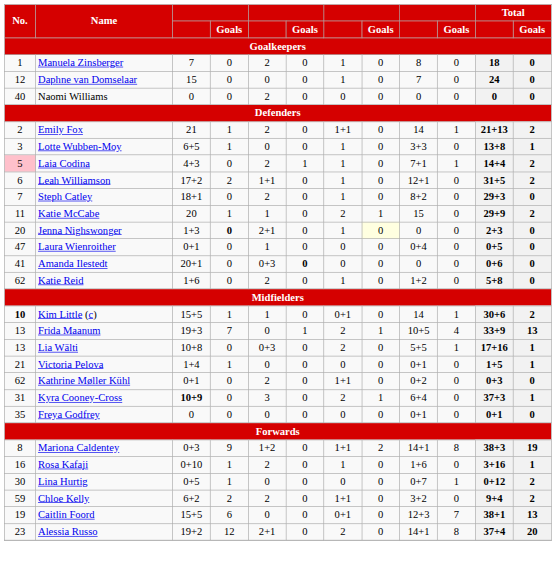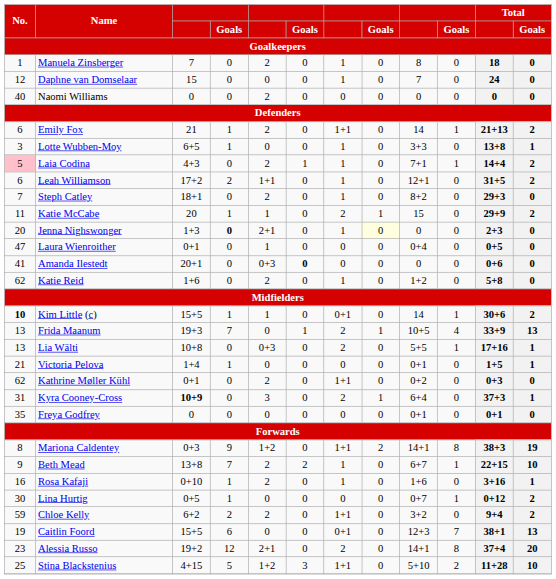 <table class="wikitable" style="text-align:center; font-size:100%; ">
 <tr>
 <th style="background:#d50000; color:white; text-align:center; width:40px;" rowspan="2">No.</th>
 <th style="background:#d50000; color:white; text-align:center; width:200px;" rowspan="2">Name</th>
 <th style="background:#d50000; color:white; text-align:center;" colspan="2"><a href='#'></a></th>
 <th style="background:#d50000; color:white; text-align:center;" colspan="2"><a href='#'></a></th>
 <th style="background:#d50000; color:white; text-align:center;" colspan="2"><a href='#'></a></th>
 <th style="background:#d50000; color:white; text-align:center;" colspan="2"><a href='#'></a></th>
 <th style="background:#d50000; color:white; text-align:center;" colspan="2">Total</th>
 </tr>
 <tr>
 <th style="background:#d50000; color:white; text-align:center; width:50px;"></th>
 <th style="background:#d50000; color:white; text-align:center; width:50px;">Goals</th>
 <th style="background:#d50000; color:white; text-align:center; width:50px;"></th>
 <th style="background:#d50000; color:white; text-align:center; width:50px;">Goals</th>
 <th style="background:#d50000; color:white; text-align:center; width:50px;"></th>
 <th style="background:#d50000; color:white; text-align:center; width:50px;">Goals</th>
 <th style="background:#d50000; color:white; text-align:center; width:50px;"></th>
 <th style="background:#d50000; color:white; text-align:center; width:50px;">Goals</th>
 <th style="background:#d50000; color:white; text-align:center; width:50px;"></th>
 <th style="background:#d50000; color:white; text-align:center; width:50px;">Goals</th>
 </tr>
 <tr>
 <th colspan="12" style="background:#d50000; color:white; text-align:center;">Goalkeepers</th>
 </tr>
 <tr>
 <td>1</td>
 <td align="left"> <a href='#'>Manuela Zinsberger</a></td>
 <td>7</td>
 <td>0</td>
 <td>2</td>
 <td>0</td>
 <td>1</td>
 <td>0</td>
 <td>8</td>
 <td>0</td>
 <th>18</th>
 <th>0</th>
 </tr>
 <tr>
 <td>12</td>
 <td align="left"> <a href='#'>Daphne van Domselaar</a></td>
 <td>15</td>
 <td>0</td>
 <td>0</td>
 <td>0</td>
 <td>1</td>
 <td>0</td>
 <td>7</td>
 <td>0</td>
 <th>24</th>
 <th>0</th>
 </tr>
 <tr>
 <td>40</td>
 <td align="left"> Naomi Williams</td>
 <td>0</td>
 <td>0</td>
 <td>2</td>
 <td>0</td>
 <td>0</td>
 <td>0</td>
 <td>0</td>
 <td>0</td>
 <th>0</th>
 <th>0</th>
 </tr>
 <tr>
 <th colspan="12" style="background:#d50000; color:white; text-align:center;">Defenders</th>
 </tr>
 <tr>
-<td>2</td>
+<td>6</td>
 <td align="left"> <a href='#'>Emily Fox</a></td>
 <td>21</td>
 <td>1</td>
 <td>2</td>
 <td>0</td>
 <td>1+1</td>
 <td>0</td>
 <td>14</td>
 <td>1</td>
 <th>21+13</th>
 <th>2</th>
 </tr>
 <tr>
 <td>3</td>
 <td align="left"> <a href='#'>Lotte Wubben-Moy</a></td>
 <td>6+5</td>
 <td>1</td>
 <td>0</td>
 <td>0</td>
 <td>1</td>
 <td>0</td>
 <td>3+3</td>
 <td>0</td>
 <th>13+8</th>
 <th>1</th>
 </tr>
 <tr>
 <td style="background: pink;">5</td>
 <td align="left"> <a href='#'>Laia Codina</a></td>
 <td>4+3</td>
 <td>0</td>
 <td>2</td>
 <td>1</td>
 <td>1</td>
 <td>0</td>
 <td>7+1</td>
 <td>1</td>
 <th>14+4</th>
 <th>2</th>
 </tr>
 <tr>
 <td>6</td>
 <td align="left"> <a href='#'>Leah Williamson</a></td>
 <td>17+2</td>
 <td>2</td>
 <td>1+1</td>
 <td>0</td>
 <td>1</td>
 <td>0</td>
 <td>12+1</td>
 <td>0</td>
 <th>31+5</th>
 <th>2</th>
 </tr>
 <tr>
 <td>7</td>
 <td align="left"> <a href='#'>Steph Catley</a></td>
 <td>18+1</td>
 <td>0</td>
 <td>2</td>
 <td>0</td>
 <td>1</td>
 <td>0</td>
 <td>8+2</td>
 <td>0</td>
 <th>29+3</th>
 <th>0</th>
 </tr>
 <tr>
 <td>11</td>
 <td align="left"> <a href='#'>Katie McCabe</a></td>
 <td>20</td>
 <td>1</td>
 <td>1</td>
 <td>0</td>
 <td>2</td>
 <td>1</td>
 <td>15</td>
 <td>0</td>
 <th>29+9</th>
 <th>2</th>
 </tr>
 <tr>
 <td>20</td>
 <td align="left"> <a href='#'>Jenna Nighswonger</a></td>
 <td>1+3</td>
 <td><strong>0</strong></td>
 <td>2+1</td>
 <td>0</td>
 <td>1</td>
 <td style="background: lightyellow;">0</td>
 <td>0</td>
 <td>0</td>
 <th>2+3</th>
 <th>0</th>
 </tr>
 <tr>
 <td>47</td>
 <td align="left"> <a href='#'>Laura Wienroither</a></td>
 <td>0+1</td>
 <td>0</td>
 <td>1</td>
 <td>0</td>
 <td>0</td>
 <td>0</td>
 <td>0+4</td>
 <td>0</td>
 <th>0+5</th>
 <th>0</th>
 </tr>
 <tr>
 <td>41</td>
 <td align="left"> <a href='#'>Amanda Ilestedt</a></td>
 <td>20+1</td>
 <td>0</td>
 <td>0+3</td>
 <td><strong>0</strong></td>
 <td>0</td>
 <td>0</td>
 <td>0</td>
 <td>0</td>
 <th>0+6</th>
 <th>0</th>
 </tr>
 <tr>
 <td>62</td>
 <td align="left"> <a href='#'>Katie Reid</a></td>
 <td>1+6</td>
 <td>0</td>
 <td>2</td>
 <td>0</td>
 <td>1</td>
 <td>0</td>
 <td>1+2</td>
 <td>0</td>
 <th>5+8</th>
 <th>0</th>
 </tr>
 <tr>
 <th colspan="12" style="background:#d50000; color:white; text-align:center;">Midfielders</th>
 </tr>
 <tr>
 <td><strong>10</strong></td>
 <td align="left"> <a href='#'>Kim Little</a> (<a href='#'>c</a>)</td>
 <td>15+5</td>
 <td>1</td>
 <td>1</td>
 <td>0</td>
 <td>0+1</td>
 <td>0</td>
 <td>14</td>
 <td>1</td>
 <th>30+6</th>
 <th>2</th>
 </tr>
 <tr>
 <td>13</td>
 <td align="left"> <a href='#'>Frida Maanum</a></td>
 <td>19+3</td>
 <td>7</td>
 <td>0</td>
 <td>1</td>
 <td>2</td>
 <td>1</td>
 <td>10+5</td>
 <td>4</td>
 <th>33+9</th>
 <th>13</th>
 </tr>
 <tr>
 <td>13</td>
 <td align="left"> <a href='#'>Lia Wälti</a></td>
 <td>10+8</td>
 <td>0</td>
 <td>0+3</td>
 <td>0</td>
 <td>2</td>
 <td>0</td>
 <td>5+5</td>
 <td>1</td>
 <th>17+16</th>
 <th>1</th>
 </tr>
 <tr>
 <td>21</td>
 <td align="left"> <a href='#'>Victoria Pelova</a></td>
 <td>1+4</td>
 <td>1</td>
 <td>0</td>
 <td>0</td>
 <td>0</td>
 <td>0</td>
 <td>0+1</td>
 <td>0</td>
 <th>1+5</th>
 <th>1</th>
 </tr>
 <tr>
 <td>62</td>
 <td align="left"> <a href='#'>Kathrine Møller Kühl</a></td>
 <td>0+1</td>
 <td>0</td>
 <td>2</td>
 <td>0</td>
 <td>1+1</td>
 <td>0</td>
 <td>0+2</td>
 <td>0</td>
 <th>0+3</th>
 <th>0</th>
 </tr>
 <tr>
 <td>31</td>
 <td align="left"> <a href='#'>Kyra Cooney-Cross</a></td>
 <td><strong>10+9</strong></td>
 <td>0</td>
 <td>3</td>
 <td>0</td>
 <td>2</td>
 <td>1</td>
 <td>6+4</td>
 <td>0</td>
 <th>37+3</th>
 <th>1</th>
 </tr>
 <tr>
 <td>35</td>
 <td align="left"> <a href='#'>Freya Godfrey</a></td>
 <td>0</td>
 <td>0</td>
 <td>0</td>
 <td>0</td>
 <td>0</td>
 <td>0</td>
 <td>0+1</td>
 <td>0</td>
 <th>0+1</th>
 <th>0</th>
 </tr>
 <tr>
 <th colspan="12" style="background:#d50000; color:white; text-align:center;">Forwards</th>
 </tr>
 <tr>
 <td>8</td>
 <td align="left"> <a href='#'>Mariona Caldentey</a></td>
 <td>0+3</td>
 <td>9</td>
 <td>1+2</td>
 <td>0</td>
 <td>1+1</td>
 <td>2</td>
 <td>14+1</td>
 <td>8</td>
 <th>38+3</th>
 <th>19</th>
 </tr>
 <tr>
+<td>9</td>
+<td align="left"> <a href='#'>Beth Mead</a></td>
+<td>13+8</td>
+<td>7</td>
+<td>2</td>
+<td>2</td>
+<td>1</td>
+<td>0</td>
+<td>6+7</td>
+<td>1</td>
+<th>22+15</th>
+<th>10</th>
+</tr>
+<tr>
 <td>16</td>
 <td align="left"> <a href='#'>Rosa Kafaji</a></td>
 <td>0+10</td>
 <td>1</td>
 <td>2</td>
 <td>0</td>
 <td>1</td>
 <td>0</td>
 <td>1+6</td>
 <td>0</td>
 <th>3+16</th>
 <th>1</th>
 </tr>
 <tr>
 <td>30</td>
 <td align="left"> <a href='#'>Lina Hurtig</a></td>
 <td>0+5</td>
 <td>1</td>
 <td>0</td>
 <td>0</td>
 <td>0</td>
 <td>0</td>
 <td>0+7</td>
 <td>1</td>
 <th>0+12</th>
 <th>2</th>
 </tr>
 <tr>
 <td>59</td>
 <td align="left"> <a href='#'>Chloe Kelly</a></td>
 <td>6+2</td>
 <td>2</td>
 <td>2</td>
 <td>0</td>
 <td>1+1</td>
 <td>0</td>
 <td>3+2</td>
 <td>0</td>
 <th>9+4</th>
 <th>2</th>
 </tr>
 <tr>
 <td>19</td>
 <td align="left"> <a href='#'>Caitlin Foord</a></td>
 <td>15+5</td>
 <td>6</td>
 <td>0</td>
 <td>0</td>
 <td>0+1</td>
 <td>0</td>
 <td>12+3</td>
 <td>7</td>
 <th>38+1</th>
 <th>13</th>
 </tr>
 <tr>
 <td>23</td>
 <td align="left"> <a href='#'>Alessia Russo</a></td>
 <td>19+2</td>
 <td>12</td>
 <td>2+1</td>
 <td>0</td>
 <td>2</td>
 <td>0</td>
 <td>14+1</td>
 <td>8</td>
 <th>37+4</th>
 <th>20</th>
 </tr>
 <tr>
+<td>25</td>
+<td align="left"> <a href='#'>Stina Blackstenius</a></td>
+<td>4+15</td>
+<td>5</td>
+<td>1+2</td>
+<td>3</td>
+<td>1+1</td>
+<td>0</td>
+<td>5+10</td>
+<td>2</td>
+<th>11+28</th>
+<th>10</th>
+</tr>
+<tr>
 </tr>
 </table>
